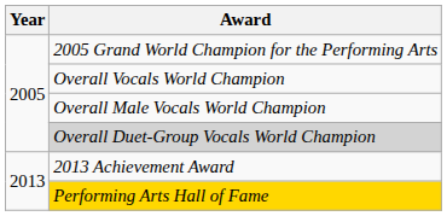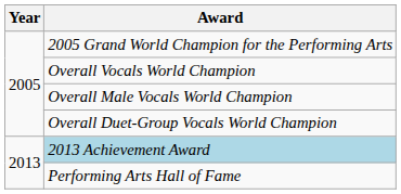 <table class="wikitable" style="font-size: 95%;">
 <tr>
 <th>Year</th>
 <th>Award</th>
 </tr>
 <tr>
 <td rowspan=4>2005</td>
 <td><em>2005 Grand World Champion for the Performing Arts</em></td>
 </tr>
 <tr>
 <td><em>Overall Vocals World Champion</em></td>
 </tr>
 <tr>
 <td><em>Overall Male Vocals World Champion</em></td>
 </tr>
 <tr>
-<td style="background: lightgrey;"><em>Overall Duet-Group Vocals World Champion</em></td>
+<td><em>Overall Duet-Group Vocals World Champion</em></td>
 </tr>
 <tr>
 <td rowspan=2>2013</td>
-<td><em>2013 Achievement Award</em></td>
+<td style="background: lightblue;"><em>2013 Achievement Award</em></td>
 </tr>
 <tr>
-<td style="background: gold;"><em>Performing Arts Hall of Fame</em></td>
+<td><em>Performing Arts Hall of Fame</em></td>
 </tr>
 </table>
